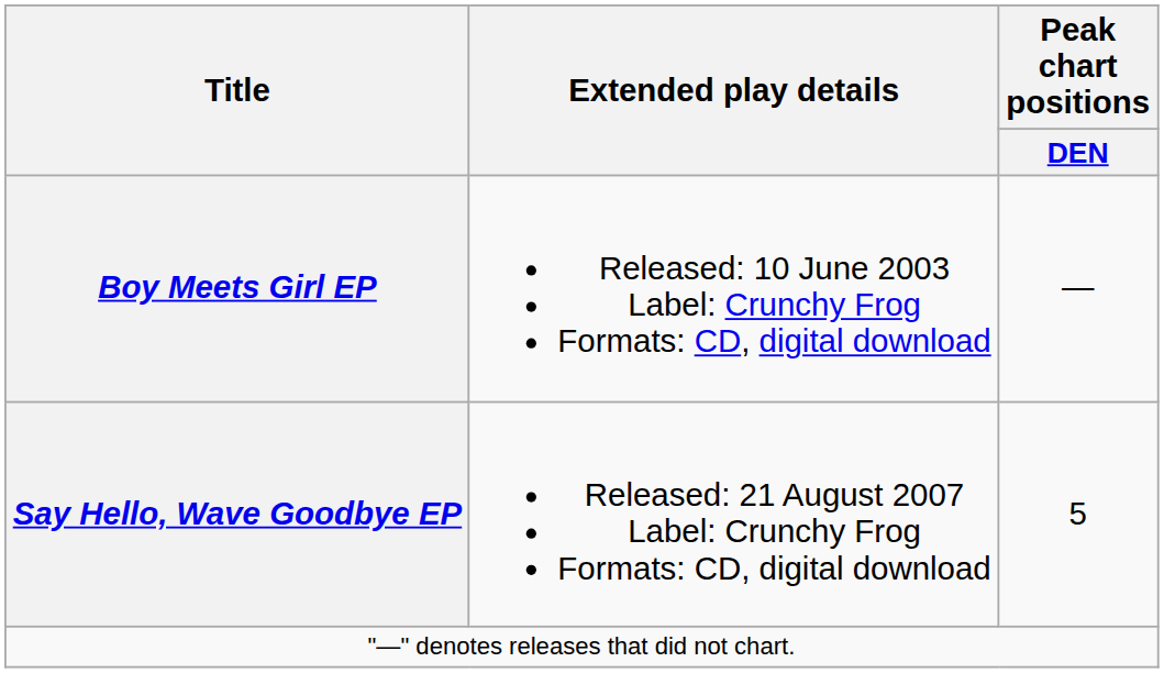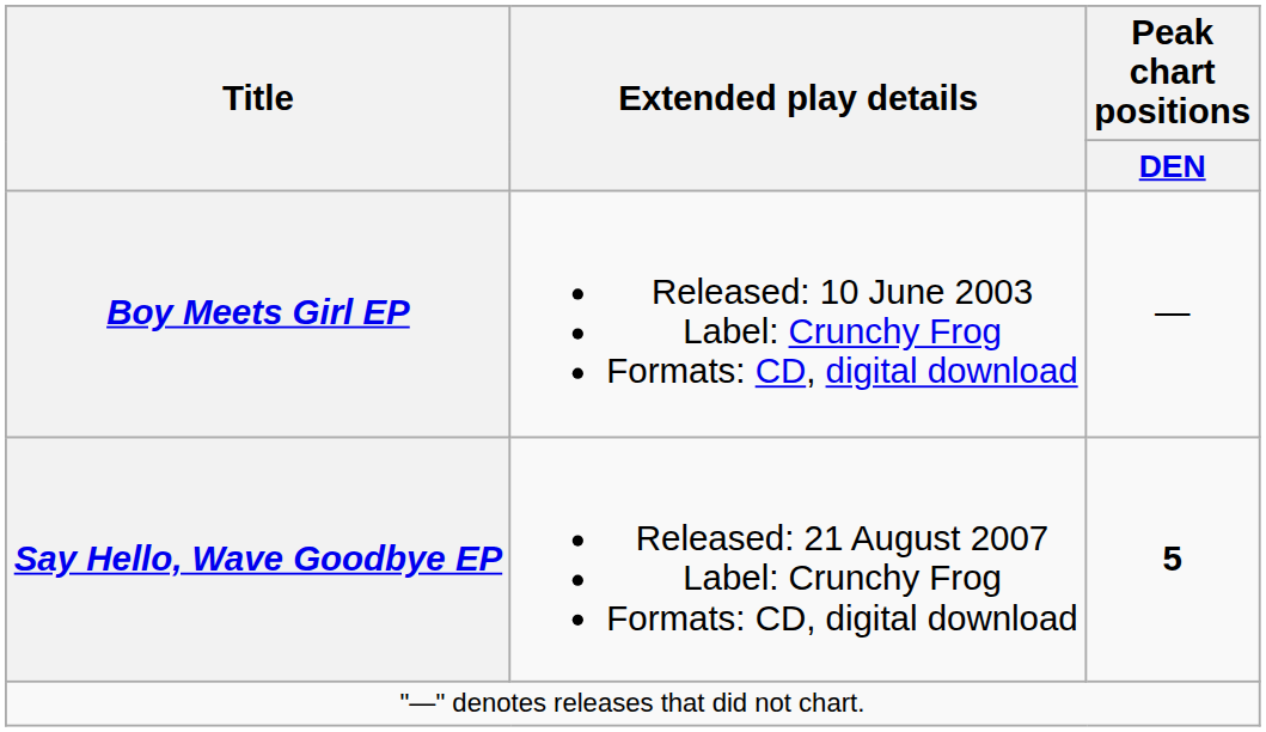 <table class="wikitable plainrowheaders" style="text-align:center;">
 <tr>
 <th rowspan="2">Title</th>
 <th rowspan="2">Extended play details</th>
 <th colspan="1">Peak chart positions</th>
 </tr>
 <tr>
 <th style="width:3em;font-size:90%"><a href='#'>DEN</a><br></th>
 </tr>
 <tr>
 <th scope="row"><em><a href='#'>Boy Meets Girl EP</a></em></th>
 <td><br><ul><li>Released: 10 June 2003</li><li>Label: <a href='#'>Crunchy Frog</a></li><li>Formats: <a href='#'>CD</a>, <a href='#'>digital download</a></li></ul></td>
 <td>—</td>
 </tr>
 <tr>
 <th scope="row"><em><a href='#'>Say Hello, Wave Goodbye EP</a></em></th>
 <td><br><ul><li>Released: 21 August 2007</li><li>Label: Crunchy Frog</li><li>Formats: CD, digital download</li></ul></td>
-<td>5</td>
+<td><strong>5</strong></td>
 </tr>
 <tr>
 <td colspan="7" style="text-align:center; font-size:9pt;">"—" denotes releases that did not chart.</td>
 </tr>
 </table>
